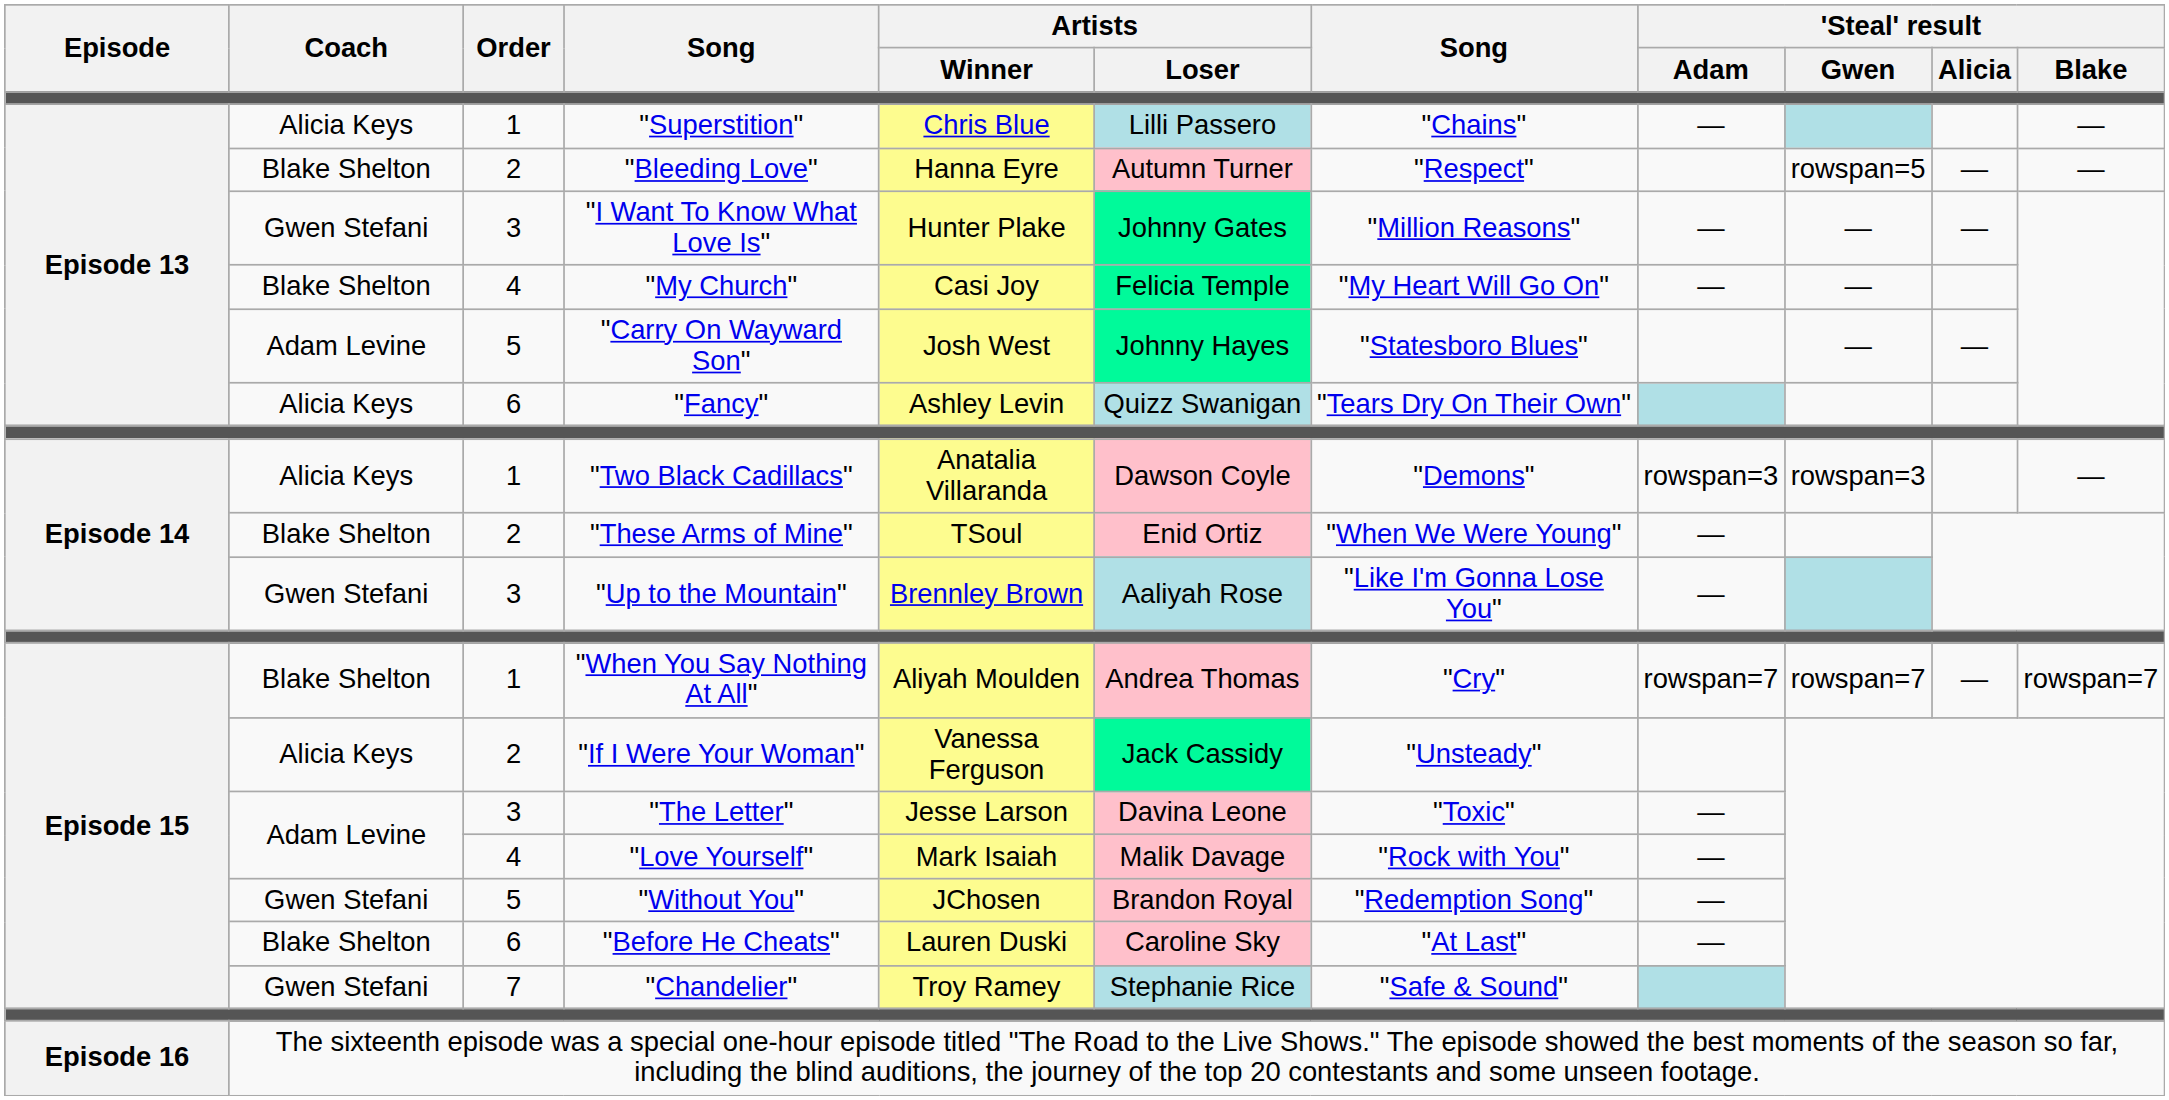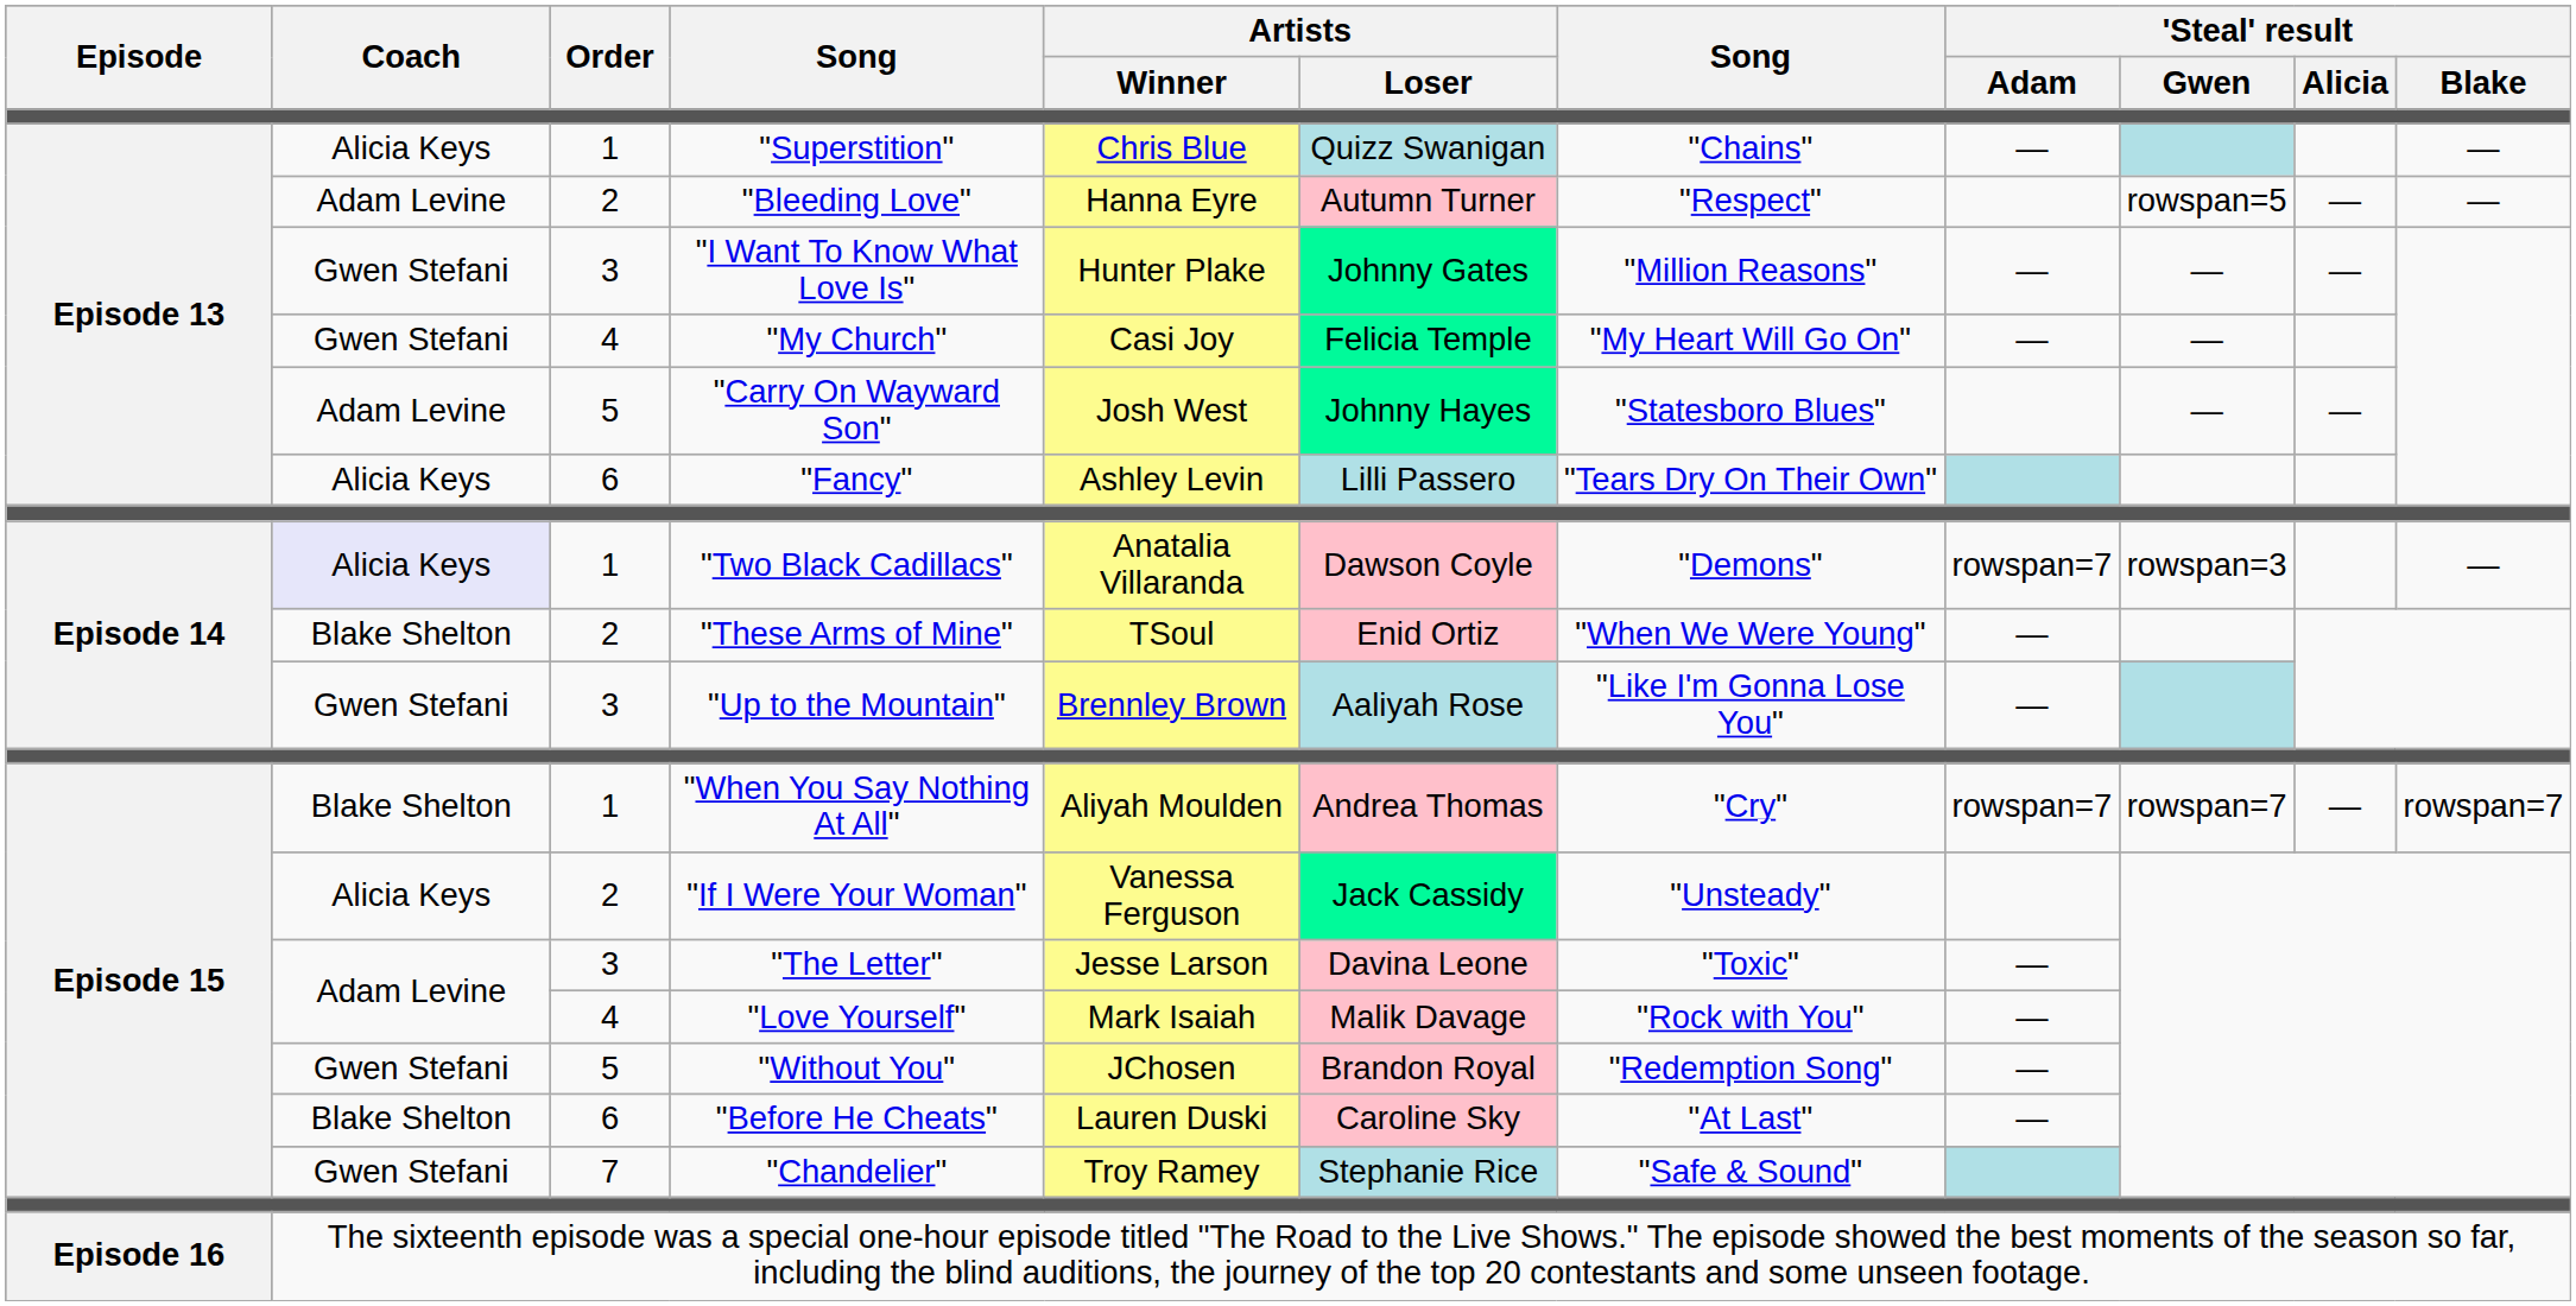 <table class="wikitable" style="text-align: center; width:100%;">
 <tr>
 <th rowspan="2" style="width:13%;">Episode</th>
 <th rowspan="2" style="width:14%;">Coach</th>
 <th rowspan="2" style="width:05%;">Order</th>
 <th rowspan="2" style="width:18%;">Song</th>
 <th colspan="2" style="width:22%;">Artists</th>
 <th rowspan="2" style="width:19%;">Song</th>
 <th colspan="4" style="width:20%;">'Steal' result</th>
 </tr>
 <tr>
 <th style="width:12%;">Winner</th>
 <th style="width:12%;">Loser</th>
 <th style="width:05%;">Adam</th>
 <th style="width:05%;">Gwen</th>
 <th style="width:05%;">Alicia</th>
 <th style="width:05%;">Blake</th>
 </tr>
 <tr>
 <td colspan="11" style="background:#555;"></td>
 </tr>
 <tr>
 <th rowspan="6">Episode 13 <br><small></small></th>
 <td>Alicia Keys</td>
 <td>1</td>
 <td>"<a href='#'>Superstition</a>"</td>
 <td style="background:#fdfc8f;"><a href='#'>Chris Blue</a></td>
-<td style="background:#b0e0e6;">Lilli Passero</td>
+<td style="background:#B0E0E6;">Quizz Swanigan</td>
 <td>"<a href='#'>Chains</a>"</td>
 <td>—</td>
 <td style="background:#B0E0E6;"><strong></strong></td>
 <td></td>
 <td>—</td>
 </tr>
 <tr>
-<td>Blake Shelton</td>
+<td>Adam Levine</td>
 <td>2</td>
 <td>"<a href='#'>Bleeding Love</a>"</td>
 <td style="background:#fdfc8f;">Hanna Eyre</td>
 <td style="background:pink;">Autumn Turner</td>
 <td>"<a href='#'>Respect</a>"</td>
 <td></td>
 <td>rowspan=5 </td>
 <td>—</td>
 <td>—</td>
 </tr>
 <tr>
 <td>Gwen Stefani</td>
 <td>3</td>
 <td>"<a href='#'>I Want To Know What Love Is</a>"</td>
 <td style="background:#fdfc8f;">Hunter Plake</td>
 <td style="background:#00fa9a;">Johnny Gates</td>
 <td>"<a href='#'>Million Reasons</a>"</td>
 <td>—</td>
 <td>—</td>
 <td>—</td>
 </tr>
 <tr>
-<td>Blake Shelton</td>
+<td>Gwen Stefani</td>
 <td>4</td>
 <td>"<a href='#'>My Church</a>"</td>
 <td style="background:#fdfc8f;">Casi Joy</td>
 <td style="background:#00fa9a;">Felicia Temple</td>
 <td>"<a href='#'>My Heart Will Go On</a>"</td>
 <td>—</td>
 <td>—</td>
 <td></td>
 </tr>
 <tr>
 <td>Adam Levine</td>
 <td>5</td>
 <td>"<a href='#'>Carry On Wayward Son</a>"</td>
 <td style="background:#fdfc8f;">Josh West</td>
 <td style="background:#00fa9a;">Johnny Hayes</td>
 <td>"<a href='#'>Statesboro Blues</a>"</td>
 <td></td>
 <td>—</td>
 <td>—</td>
 </tr>
 <tr>
 <td>Alicia Keys</td>
 <td>6</td>
 <td>"<a href='#'>Fancy</a>"</td>
 <td style="background:#fdfc8f;">Ashley Levin</td>
-<td style="background:#B0E0E6;">Quizz Swanigan</td>
+<td style="background:#b0e0e6;">Lilli Passero</td>
 <td>"<a href='#'>Tears Dry On Their Own</a>"</td>
 <td style="background:#B0E0E6;"><strong></strong></td>
 <td></td>
 <td><strong></strong></td>
 </tr>
 <tr>
 </tr>
 <tr>
 <td colspan="11" style="background:#555;"></td>
 </tr>
 <tr>
 <th rowspan="3">Episode 14 <br><small></small></th>
-<td>Alicia Keys</td>
+<td style="background: lavender;">Alicia Keys</td>
 <td>1</td>
 <td>"<a href='#'>Two Black Cadillacs</a>"</td>
 <td style="background:#fdfc8f;">Anatalia Villaranda</td>
 <td style="background:pink;">Dawson Coyle</td>
 <td>"<a href='#'>Demons</a>"</td>
-<td>rowspan=3 </td>
+<td>rowspan=7 </td>
 <td>rowspan=3 </td>
 <td></td>
 <td>—</td>
 </tr>
 <tr>
 <td>Blake Shelton</td>
 <td>2</td>
 <td>"<a href='#'>These Arms of Mine</a>"</td>
 <td style="background:#fdfc8f;">TSoul</td>
 <td style="background:pink;">Enid Ortiz</td>
 <td>"<a href='#'>When We Were Young</a>"</td>
 <td>—</td>
 <td></td>
 </tr>
 <tr>
 <td>Gwen Stefani</td>
 <td>3</td>
 <td>"<a href='#'>Up to the Mountain</a>"</td>
 <td style="background:#fdfc8f;"><a href='#'>Brennley Brown</a></td>
 <td style="background:#b0e0e6;">Aaliyah Rose</td>
 <td>"<a href='#'>Like I'm Gonna Lose You</a>"</td>
 <td>—</td>
 <td style="background:#B0E0E6;"><strong></strong></td>
 </tr>
 <tr>
 </tr>
 <tr>
 <td colspan="11" style="background:#555;"></td>
 </tr>
 <tr>
 <th rowspan="7"><strong>Episode 15</strong> <br><small></small></th>
 <td>Blake Shelton</td>
 <td>1</td>
 <td>"<a href='#'>When You Say Nothing At All</a>"</td>
 <td style="background:#fdfc8f;">Aliyah Moulden</td>
 <td style="background:pink;">Andrea Thomas</td>
 <td>"<a href='#'>Cry</a>"</td>
 <td>rowspan=7 </td>
 <td>rowspan=7 </td>
 <td>—</td>
 <td>rowspan=7 </td>
 </tr>
 <tr>
 <td>Alicia Keys</td>
 <td>2</td>
 <td>"<a href='#'>If I Were Your Woman</a>"</td>
 <td style="background:#fdfc8f;">Vanessa Ferguson</td>
 <td style="background:#00fa9a;">Jack Cassidy</td>
 <td>"<a href='#'>Unsteady</a>"</td>
 <td></td>
 </tr>
 <tr>
 <td rowspan=2>Adam Levine</td>
 <td>3</td>
 <td>"<a href='#'>The Letter</a>"</td>
 <td style="background:#fdfc8f;">Jesse Larson</td>
 <td style="background:pink;">Davina Leone</td>
 <td>"<a href='#'>Toxic</a>"</td>
 <td>—</td>
 </tr>
 <tr>
 <td>4</td>
 <td>"<a href='#'>Love Yourself</a>"</td>
 <td style="background:#fdfc8f;">Mark Isaiah</td>
 <td style="background:pink;">Malik Davage</td>
 <td>"<a href='#'>Rock with You</a>"</td>
 <td>—</td>
 </tr>
 <tr>
 <td>Gwen Stefani</td>
 <td>5</td>
 <td>"<a href='#'>Without You</a>"</td>
 <td style="background:#fdfc8f;">JChosen</td>
 <td style="background:pink;">Brandon Royal</td>
 <td>"<a href='#'>Redemption Song</a>"</td>
 <td>—</td>
 </tr>
 <tr>
 <td>Blake Shelton</td>
 <td>6</td>
 <td>"<a href='#'>Before He Cheats</a>"</td>
 <td style="background:#fdfc8f;">Lauren Duski</td>
 <td style="background:pink;">Caroline Sky</td>
 <td>"<a href='#'>At Last</a>"</td>
 <td>—</td>
 </tr>
 <tr>
 <td>Gwen Stefani</td>
 <td>7</td>
 <td>"<a href='#'>Chandelier</a>"</td>
 <td style="background:#fdfc8f;">Troy Ramey</td>
 <td style="background:#b0e0e6;">Stephanie Rice</td>
 <td>"<a href='#'>Safe & Sound</a>"</td>
 <td style="background:#B0E0E6;"><strong></strong></td>
 </tr>
 <tr>
 <td colspan="11" style="background:#555;"></td>
 </tr>
 <tr>
 <th>Episode 16<br><small></small></th>
 <td colspan="10">The sixteenth episode was a special one-hour episode titled "The Road to the Live Shows." The episode showed the best moments of the season so far, including the blind auditions, the journey of the top 20 contestants and some unseen footage.</td>
 </tr>
 </table>
